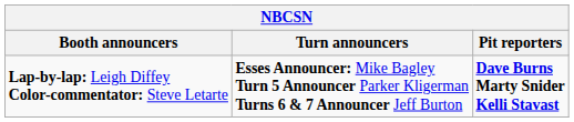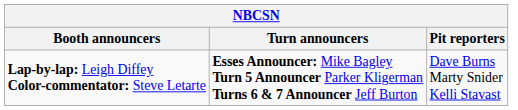 <table class="wikitable" style="font-size: 95%">
 <tr>
 <th colspan="3"><a href='#'>NBCSN</a></th>
 </tr>
 <tr>
 <th>Booth announcers</th>
 <th>Turn announcers</th>
 <th>Pit reporters</th>
 </tr>
 <tr>
 <td><strong>Lap-by-lap:</strong> <a href='#'>Leigh Diffey</a><br><strong>Color-commentator:</strong> <a href='#'>Steve Letarte</a></td>
 <td><strong>Esses Announcer:</strong> <a href='#'>Mike Bagley</a><br><strong>Turn 5 Announcer</strong> <a href='#'>Parker Kligerman</a><br><strong>Turns 6 & 7 Announcer</strong> <a href='#'>Jeff Burton</a></td>
-<td><strong><a href='#'>Dave Burns</a><br>Marty Snider<br><a href='#'>Kelli Stavast</a></strong></td>
+<td><a href='#'>Dave Burns</a><br>Marty Snider<br><a href='#'>Kelli Stavast</a></td>
 </tr>
 </table>
